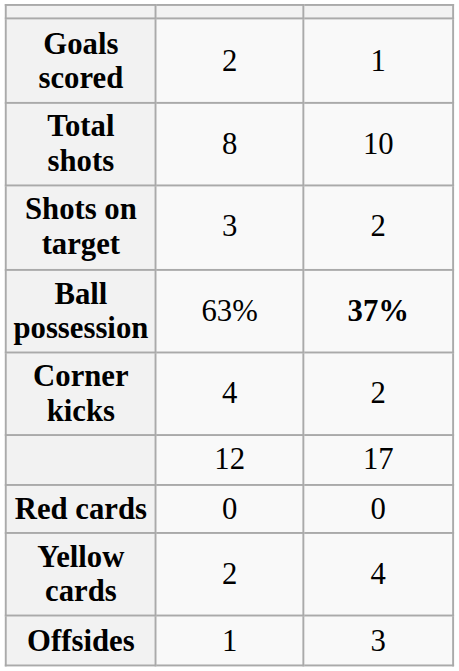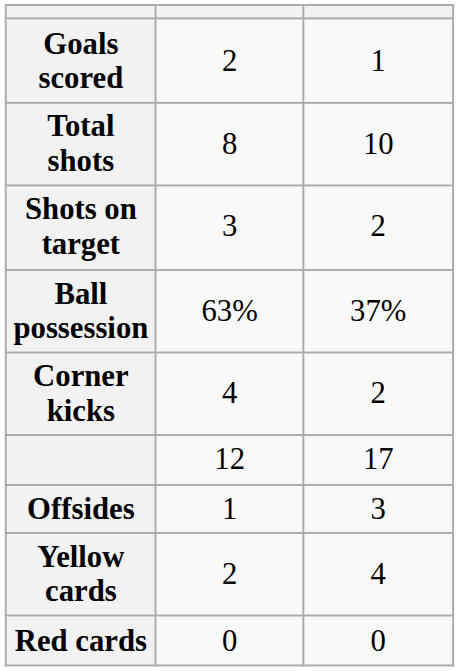 <table class="wikitable" style="text-align: center; margin: 0 auto;">
 <tr>
 <th scope="col" style="width:70px"></th>
 <th scope="col" style="width:70px"></th>
 <th scope="col" style="width:70px"></th>
 </tr>
 <tr>
 <th scope=row>Goals scored</th>
 <td>2</td>
 <td>1</td>
 </tr>
 <tr>
 <th scope=row>Total shots</th>
 <td>8</td>
 <td>10</td>
 </tr>
 <tr>
 <th scope=row>Shots on target</th>
 <td>3</td>
 <td>2</td>
 </tr>
 <tr>
 <th scope=row>Ball possession</th>
 <td>63%</td>
-<td><strong>37%</strong></td>
+<td>37%</td>
 </tr>
 <tr>
 <th scope=row>Corner kicks</th>
 <td>4</td>
 <td>2</td>
 </tr>
 <tr>
 <th scope=row></th>
 <td>12</td>
 <td>17</td>
 </tr>
 <tr>
-<th scope=row>Red cards</th>
-<td>0</td>
-<td>0</td>
+<th scope=row>Offsides</th>
+<td>1</td>
+<td>3</td>
 </tr>
 <tr>
 <th scope=row>Yellow cards</th>
 <td>2</td>
 <td>4</td>
 </tr>
 <tr>
-<th scope=row>Offsides</th>
-<td>1</td>
-<td>3</td>
+<th scope=row>Red cards</th>
+<td>0</td>
+<td>0</td>
 </tr>
 </table>
